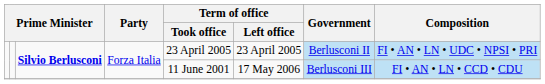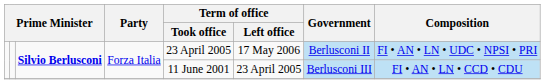 <table class="wikitable" style="text-align:center">
 <tr>
 <th colspan=3 rowspan=2>Prime Minister</th>
 <th rowspan=2>Party</th>
 <th colspan=2>Term of office</th>
 <th rowspan=2>Government</th>
 <th rowspan=2>Composition</th>
 </tr>
 <tr>
 <th>Took office</th>
 <th>Left office</th>
 </tr>
 <tr>
 <td rowspan=2 style="background:"></td>
 <td rowspan=2></td>
 <td rowspan=2><strong><a href='#'>Silvio Berlusconi</a></strong><br></td>
 <td rowspan=2><a href='#'>Forza Italia</a></td>
 <td class="nowrap">23 April 2005</td>
-<td class="nowrap">23 April 2005</td>
+<td class="nowrap">17 May 2006</td>
 <td bgcolor=#BEE1F5><a href='#'>Berlusconi II</a></td>
 <td bgcolor=#BEE1F5><a href='#'>FI</a> • <a href='#'>AN</a> • <a href='#'>LN</a> • <a href='#'>UDC</a> • <a href='#'>NPSI</a> • <a href='#'>PRI</a> <br></td>
 </tr>
 <tr>
 <td class="nowrap">11 June 2001</td>
-<td class="nowrap">17 May 2006</td>
+<td class="nowrap">23 April 2005</td>
 <td bgcolor=#BEE1F5><a href='#'>Berlusconi III</a></td>
 <td bgcolor=#BEE1F5><a href='#'>FI</a> • <a href='#'>AN</a> • <a href='#'>LN</a> • <a href='#'>CCD</a> • <a href='#'>CDU</a> <br></td>
 </tr>
 <tr>
 </tr>
 </table>
